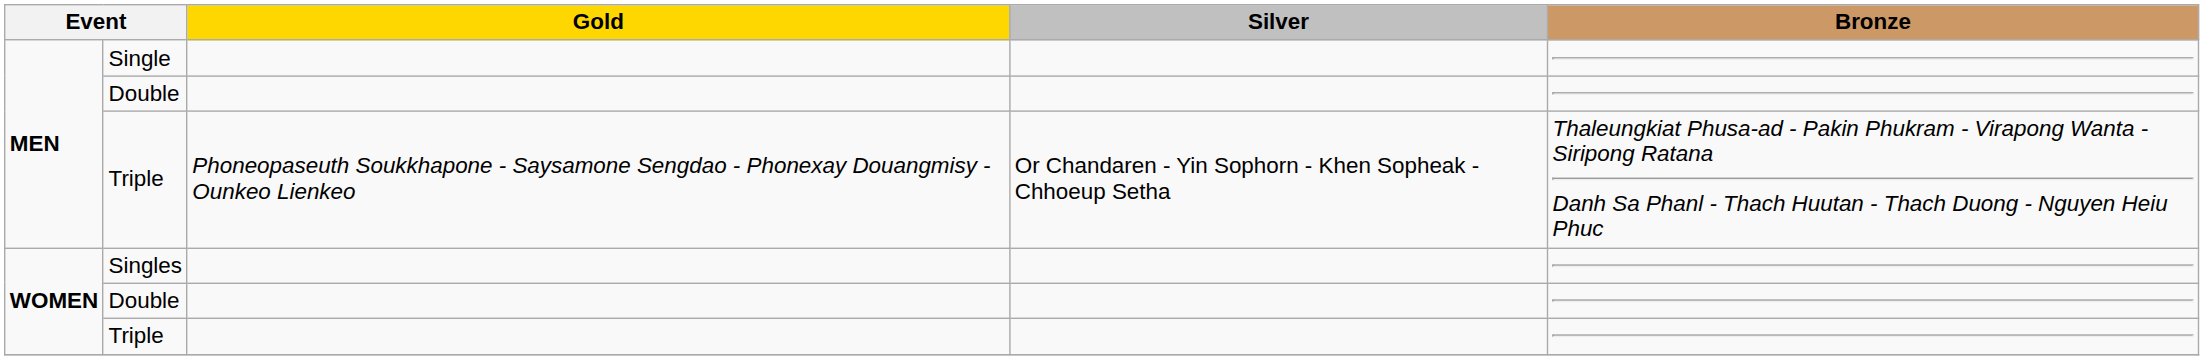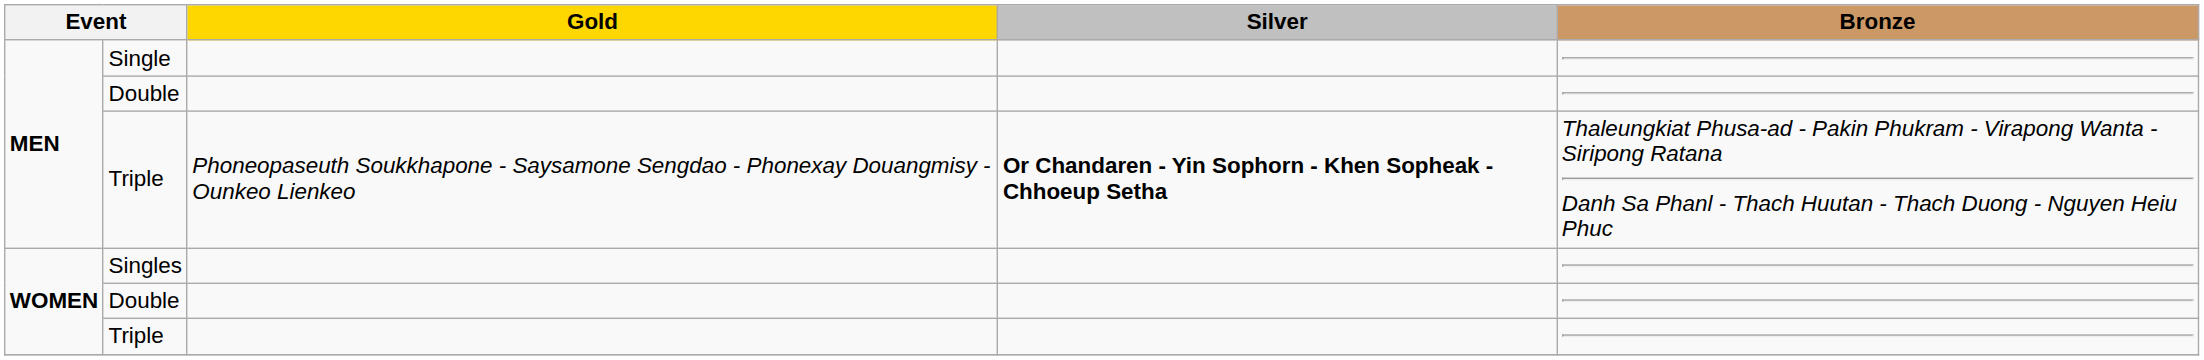 <table class="wikitable">
 <tr>
 <th colspan="2">Event</th>
 <th style="background: gold">Gold</th>
 <th style="background: silver">Silver</th>
 <th style="background: #cc9966">Bronze</th>
 </tr>
 <tr>
 <td rowspan="3"><strong>MEN</strong></td>
 <td>Single</td>
 <td></td>
 <td></td>
 <td> <hr> </td>
 </tr>
 <tr>
 <td>Double</td>
 <td></td>
 <td></td>
 <td> <hr> </td>
 </tr>
 <tr>
 <td>Triple</td>
 <td><em>Phoneopaseuth Soukkhapone - Saysamone Sengdao - Phonexay Douangmisy - Ounkeo Lienkeo</em></td>
-<td>Or Chandaren - Yin Sophorn - Khen Sopheak - Chhoeup Setha</td>
+<td><strong>Or Chandaren - Yin Sophorn - Khen Sopheak - Chhoeup Setha</strong></td>
 <td><em>Thaleungkiat Phusa-ad - Pakin Phukram - Virapong Wanta - Siripong Ratana</em> <hr> <em>Danh Sa Phanl - Thach Huutan - Thach Duong - Nguyen Heiu Phuc</em></td>
 </tr>
 <tr>
 <td rowspan="3"><strong>WOMEN</strong></td>
 <td>Singles</td>
 <td></td>
 <td></td>
 <td> <hr> </td>
 </tr>
 <tr>
 <td>Double</td>
 <td></td>
 <td></td>
 <td> <hr> </td>
 </tr>
 <tr>
 <td>Triple</td>
 <td></td>
 <td></td>
 <td> <hr> </td>
 </tr>
 <tr>
 </tr>
 </table>
